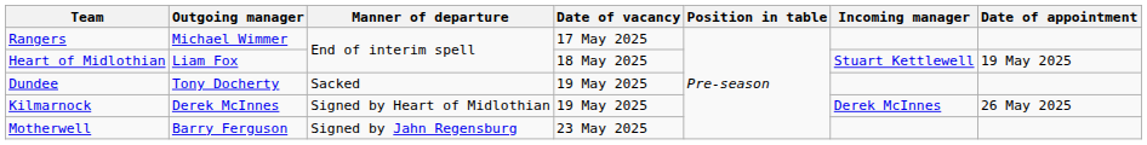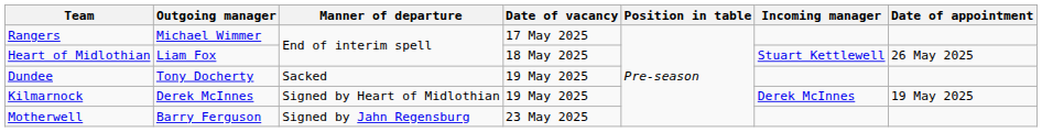 <table class="wikitable sortable">
 <tr>
 <th>Team</th>
 <th>Outgoing manager</th>
 <th>Manner of departure</th>
 <th>Date of vacancy</th>
 <th>Position in table</th>
 <th>Incoming manager</th>
 <th>Date of appointment</th>
 </tr>
 <tr>
 <td><a href='#'>Rangers</a></td>
 <td> <a href='#'>Michael Wimmer</a></td>
 <td rowspan="2">End of interim spell</td>
 <td>17 May 2025</td>
 <td rowspan="5"><em>Pre-season</em></td>
 <td></td>
 <td></td>
 </tr>
 <tr>
 <td><a href='#'>Heart of Midlothian</a></td>
 <td> <a href='#'>Liam Fox</a></td>
 <td>18 May 2025</td>
 <td> <a href='#'>Stuart Kettlewell</a></td>
-<td>19 May 2025</td>
+<td>26 May 2025</td>
 </tr>
 <tr>
 <td><a href='#'>Dundee</a></td>
 <td> <a href='#'>Tony Docherty</a></td>
 <td>Sacked</td>
 <td>19 May 2025</td>
 <td></td>
 <td></td>
 </tr>
 <tr>
 <td><a href='#'>Kilmarnock</a></td>
 <td> <a href='#'>Derek McInnes</a></td>
 <td>Signed by Heart of Midlothian</td>
 <td>19 May 2025</td>
 <td> <a href='#'>Derek McInnes</a></td>
-<td>26 May 2025</td>
+<td>19 May 2025</td>
 </tr>
 <tr>
 <td><a href='#'>Motherwell</a></td>
 <td> <a href='#'>Barry Ferguson</a></td>
 <td>Signed by <a href='#'>Jahn Regensburg</a></td>
 <td>23 May 2025</td>
 <td></td>
 <td></td>
 </tr>
 </table>
